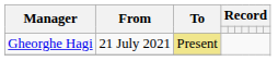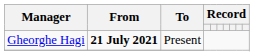 <table class="wikitable" style="text-align: left">
 <tr>
 <th rowspan=2>Manager</th>
 <th rowspan=2>From</th>
 <th rowspan=2>To</th>
 <th colspan=8>Record</th>
 </tr>
 <tr>
 <th></th>
 <th></th>
 <th></th>
 <th></th>
 <th></th>
 <th></th>
 <th></th>
 </tr>
 <tr>
 <td> <a href='#'>Gheorghe Hagi</a></td>
-<td>21 July 2021</td>
-<td style="background: khaki;">Present<br></td>
+<td><strong>21 July 2021</strong></td>
+<td>Present<br></td>
 </tr>
 <tr>
 </tr>
 </table>
